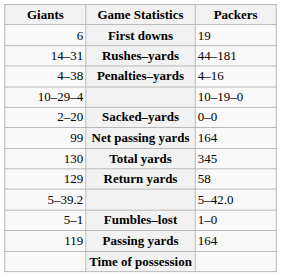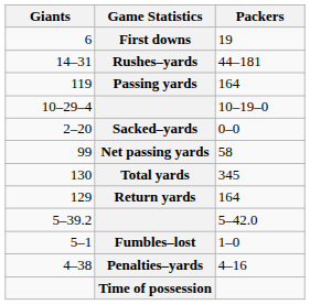 <table class="wikitable" style="margin: 1em auto 1em auto">
 <tr>
 <th style="width:30%;">Giants</th>
 <th style="width:40%;">Game Statistics</th>
 <th style="width:30%;">Packers</th>
 </tr>
 <tr>
 <td style="text-align:right;">6</td>
 <th>First downs</th>
 <td>19</td>
 </tr>
 <tr>
 <td style="text-align:right;">14–31</td>
 <th>Rushes–yards</th>
 <td>44–181</td>
 </tr>
 <tr>
-<td style="text-align:right;">4–38</td>
-<th>Penalties–yards</th>
-<td>4–16</td>
+<td style="text-align:right;">119</td>
+<th>Passing yards</th>
+<td>164</td>
 </tr>
 <tr>
 <td style="text-align:right;">10–29–4</td>
 <th></th>
 <td>10–19–0</td>
 </tr>
 <tr>
 <td style="text-align:right;">2–20</td>
 <th>Sacked–yards</th>
 <td>0–0</td>
 </tr>
 <tr>
 <td style="text-align:right;">99</td>
 <th>Net passing yards</th>
-<td>164</td>
+<td>58</td>
 </tr>
 <tr>
 <td style="text-align:right;">130</td>
 <th>Total yards</th>
 <td>345</td>
 </tr>
 <tr>
 <td style="text-align:right;">129</td>
 <th>Return yards</th>
-<td>58</td>
+<td>164</td>
 </tr>
 <tr>
 <td style="text-align:right;">5–39.2</td>
 <th></th>
 <td>5–42.0</td>
 </tr>
 <tr>
 <td style="text-align:right;">5–1</td>
 <th>Fumbles–lost</th>
 <td>1–0</td>
 </tr>
 <tr>
-<td style="text-align:right;">119</td>
-<th>Passing yards</th>
-<td>164</td>
+<td style="text-align:right;">4–38</td>
+<th>Penalties–yards</th>
+<td>4–16</td>
 </tr>
 <tr>
 <td style="text-align:right;"></td>
 <th>Time of possession</th>
 <td></td>
 </tr>
 </table>
